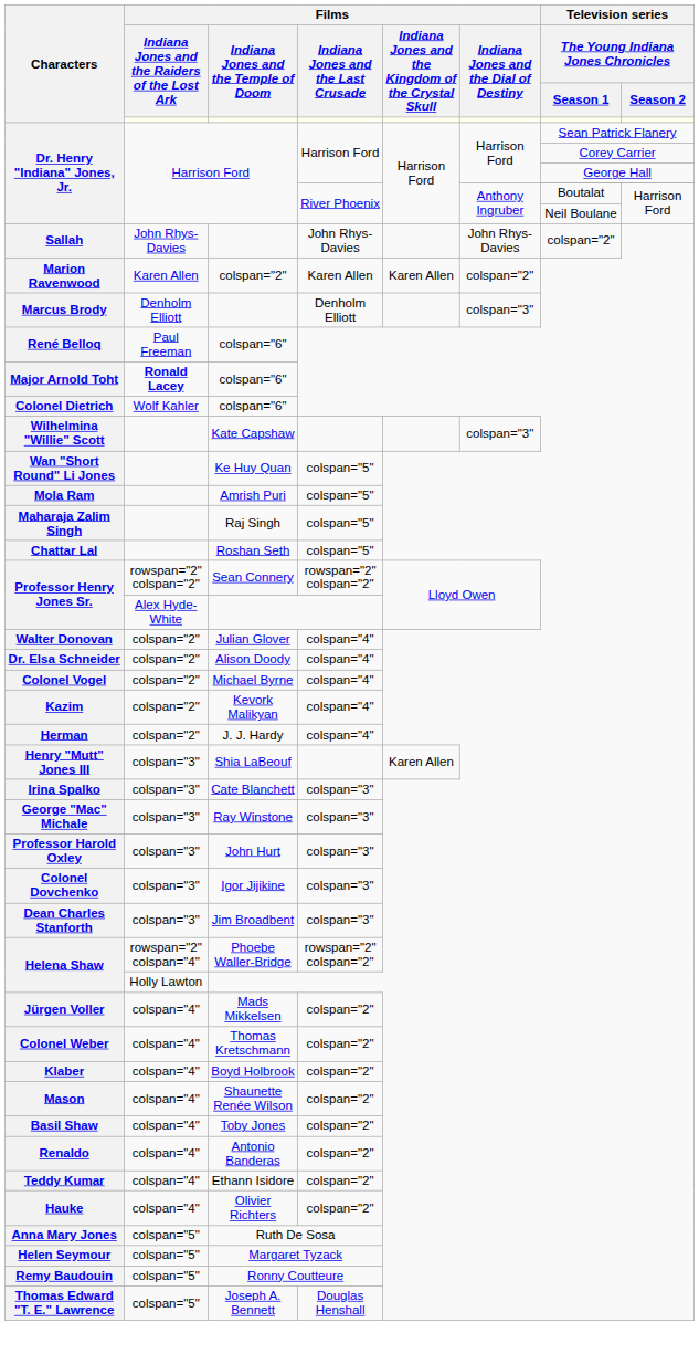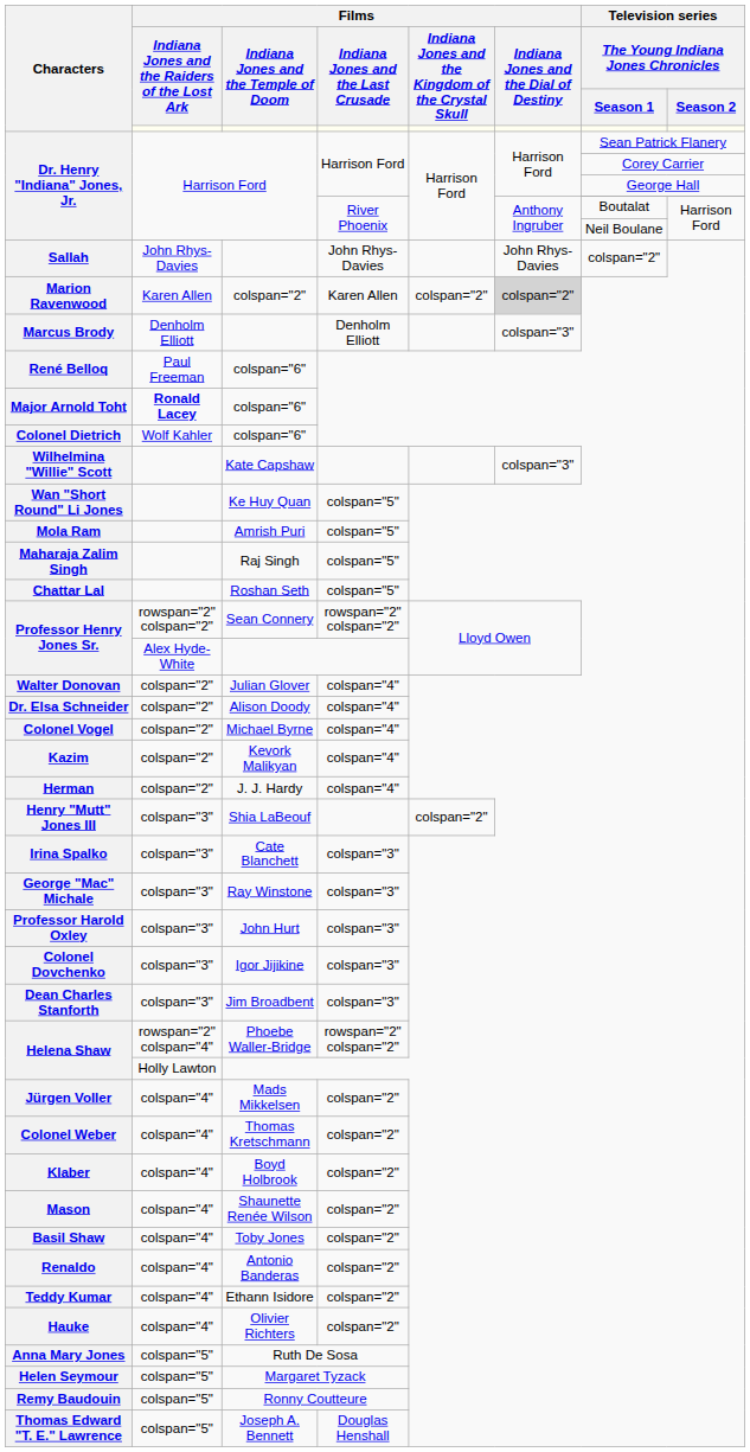 <table class="wikitable" style="text-align:center">
 <tr>
 <th rowspan="4" style="width:15.5%;">Characters</th>
 <th colspan="5">Films</th>
 <th colspan="2">Television series</th>
 </tr>
 <tr>
 <th rowspan="2" style="width:9%;"><em><a href='#'>Indiana Jones and the Raiders of the Lost Ark</a></em></th>
 <th rowspan="2" style="width:11%;"><em><a href='#'>Indiana Jones and the Temple of Doom</a></em></th>
 <th rowspan="2" style="width:10%;"><em><a href='#'>Indiana Jones and the Last Crusade</a></em></th>
 <th rowspan="2" style="width:10%;"><em><a href='#'>Indiana Jones and the Kingdom of the Crystal Skull</a></em></th>
 <th rowspan="2" style="width:10%;"><em><a href='#'>Indiana Jones and the Dial of Destiny</a></em></th>
 <th colspan="2"><em><a href='#'>The Young Indiana Jones Chronicles</a></em></th>
 </tr>
 <tr>
 <th style="width:9.5%;"><a href='#'>Season 1</a></th>
 <th style="width:9.5%;"><a href='#'>Season 2</a></th>
 </tr>
 <tr>
 <th style="background:ivory;"></th>
 <th style="background:ivory;"></th>
 <th style="background:ivory;"></th>
 <th style="background:ivory;"></th>
 <th style="background:ivory;"></th>
 <th style="background:ivory;"></th>
 <th style="background:ivory;"></th>
 </tr>
 <tr>
 <th rowspan="6"><a href='#'>Dr. Henry "Indiana" Jones, Jr.</a></th>
 <td colspan="2" rowspan="6"><a href='#'>Harrison Ford</a></td>
 <td rowspan="3">Harrison Ford</td>
 <td rowspan="6">Harrison Ford</td>
 <td rowspan="3">Harrison Ford</td>
 <td colspan="2"><a href='#'>Sean Patrick Flanery</a> </td>
 </tr>
 <tr>
 <td colspan="2"><a href='#'>Corey Carrier</a> </td>
 </tr>
 <tr>
 <td colspan="2"><a href='#'>George Hall</a> </td>
 </tr>
 <tr>
 <td rowspan="3"><a href='#'>River Phoenix</a><br></td>
 <td rowspan="3"><a href='#'>Anthony Ingruber</a><br></td>
 </tr>
 <tr>
 <td>Boutalat </td>
 <td rowspan="2">Harrison Ford </td>
 </tr>
 <tr>
 <td>Neil Boulane </td>
 </tr>
 <tr>
 <th><a href='#'>Sallah</a></th>
 <td><a href='#'>John Rhys-Davies</a></td>
 <td></td>
 <td>John Rhys-Davies</td>
 <td></td>
 <td>John Rhys-Davies</td>
 <td>colspan="2" </td>
 </tr>
 <tr>
 <th><a href='#'>Marion Ravenwood</a></th>
 <td><a href='#'>Karen Allen</a></td>
 <td>colspan="2" </td>
 <td>Karen Allen</td>
-<td>Karen Allen</td>
 <td>colspan="2" </td>
+<td style="background: lightgrey;">colspan="2" </td>
 </tr>
 <tr>
 <th><a href='#'>Marcus Brody</a></th>
 <td><a href='#'>Denholm Elliott</a></td>
 <td></td>
 <td>Denholm Elliott</td>
 <td></td>
 <td>colspan="3" </td>
 </tr>
 <tr>
 <th><a href='#'>René Belloq</a></th>
 <td><a href='#'>Paul Freeman</a></td>
 <td>colspan="6" </td>
 </tr>
 <tr>
 <th><a href='#'>Major Arnold Toht</a></th>
 <td><strong><a href='#'>Ronald Lacey</a></strong></td>
 <td>colspan="6" </td>
 </tr>
 <tr>
 <th><a href='#'>Colonel Dietrich</a></th>
 <td><a href='#'>Wolf Kahler</a></td>
 <td>colspan="6" </td>
 </tr>
 <tr>
 <th><a href='#'>Wilhelmina "Willie" Scott</a></th>
 <td></td>
 <td><a href='#'>Kate Capshaw</a></td>
 <td></td>
 <td></td>
 <td>colspan="3" </td>
 </tr>
 <tr>
 <th><a href='#'>Wan "Short Round" Li Jones</a></th>
 <td></td>
 <td><a href='#'>Ke Huy Quan</a></td>
 <td>colspan="5" </td>
 </tr>
 <tr>
 <th><a href='#'>Mola Ram</a></th>
 <td></td>
 <td><a href='#'>Amrish Puri</a></td>
 <td>colspan="5" </td>
 </tr>
 <tr>
 <th><a href='#'>Maharaja Zalim Singh</a></th>
 <td></td>
 <td>Raj Singh</td>
 <td>colspan="5" </td>
 </tr>
 <tr>
 <th><a href='#'>Chattar Lal</a></th>
 <td></td>
 <td><a href='#'>Roshan Seth</a></td>
 <td>colspan="5" </td>
 </tr>
 <tr>
 <th rowspan="2"><a href='#'>Professor Henry Jones Sr.</a></th>
 <td>rowspan="2" colspan="2" </td>
 <td><a href='#'>Sean Connery</a></td>
 <td>rowspan="2" colspan="2" </td>
 <td colspan="2" rowspan="2"><a href='#'>Lloyd Owen</a></td>
 </tr>
 <tr>
 <td><a href='#'>Alex Hyde-White</a><br></td>
 </tr>
 <tr>
 <th><a href='#'>Walter Donovan</a></th>
 <td>colspan="2" </td>
 <td><a href='#'>Julian Glover</a></td>
 <td>colspan="4" </td>
 </tr>
 <tr>
 <th><a href='#'>Dr. Elsa Schneider</a></th>
 <td>colspan="2" </td>
 <td><a href='#'>Alison Doody</a></td>
 <td>colspan="4" </td>
 </tr>
 <tr>
 <th><a href='#'>Colonel Vogel</a></th>
 <td>colspan="2" </td>
 <td><a href='#'>Michael Byrne</a></td>
 <td>colspan="4" </td>
 </tr>
 <tr>
 <th><a href='#'>Kazim</a></th>
 <td>colspan="2" </td>
 <td><a href='#'>Kevork Malikyan</a></td>
 <td>colspan="4" </td>
 </tr>
 <tr>
 <th><a href='#'>Herman</a></th>
 <td>colspan="2" </td>
 <td>J. J. Hardy</td>
 <td>colspan="4" </td>
 </tr>
 <tr>
 <th><a href='#'>Henry "Mutt" Jones III</a></th>
 <td>colspan="3" </td>
 <td><a href='#'>Shia LaBeouf</a></td>
 <td></td>
-<td>Karen Allen</td>
+<td>colspan="2" </td>
 </tr>
 <tr>
 <th><a href='#'>Irina Spalko</a></th>
 <td>colspan="3" </td>
 <td><a href='#'>Cate Blanchett</a></td>
 <td>colspan="3" </td>
 </tr>
 <tr>
 <th><a href='#'>George "Mac" Michale</a></th>
 <td>colspan="3" </td>
 <td><a href='#'>Ray Winstone</a></td>
 <td>colspan="3" </td>
 </tr>
 <tr>
 <th><a href='#'>Professor Harold Oxley</a></th>
 <td>colspan="3" </td>
 <td><a href='#'>John Hurt</a></td>
 <td>colspan="3" </td>
 </tr>
 <tr>
 <th><a href='#'>Colonel Dovchenko</a></th>
 <td>colspan="3" </td>
 <td><a href='#'>Igor Jijikine</a></td>
 <td>colspan="3" </td>
 </tr>
 <tr>
 <th><a href='#'>Dean Charles Stanforth</a></th>
 <td>colspan="3" </td>
 <td><a href='#'>Jim Broadbent</a></td>
 <td>colspan="3" </td>
 </tr>
 <tr>
 <th rowspan="2"><a href='#'>Helena Shaw</a></th>
 <td>rowspan="2" colspan="4" </td>
 <td><a href='#'>Phoebe Waller-Bridge</a></td>
 <td>rowspan="2" colspan="2" </td>
 </tr>
 <tr>
 <td>Holly Lawton </td>
 </tr>
 <tr>
 <th><a href='#'>Jürgen Voller</a></th>
 <td>colspan="4"  </td>
 <td><a href='#'>Mads Mikkelsen</a></td>
 <td>colspan="2"  </td>
 </tr>
 <tr>
 <th><a href='#'>Colonel Weber</a></th>
 <td>colspan="4"  </td>
 <td><a href='#'>Thomas Kretschmann</a></td>
 <td>colspan="2"  </td>
 </tr>
 <tr>
 <th><a href='#'>Klaber</a></th>
 <td>colspan="4" </td>
 <td><a href='#'>Boyd Holbrook</a></td>
 <td>colspan="2" </td>
 </tr>
 <tr>
 <th><a href='#'>Mason</a></th>
 <td>colspan="4" </td>
 <td><a href='#'>Shaunette Renée Wilson</a></td>
 <td>colspan="2" </td>
 </tr>
 <tr>
 <th><a href='#'>Basil Shaw</a></th>
 <td>colspan="4" </td>
 <td><a href='#'>Toby Jones</a></td>
 <td>colspan="2" </td>
 </tr>
 <tr>
 <th><a href='#'>Renaldo</a></th>
 <td>colspan="4" </td>
 <td><a href='#'>Antonio Banderas</a></td>
 <td>colspan="2" </td>
 </tr>
 <tr>
 <th><a href='#'>Teddy Kumar</a></th>
 <td>colspan="4" </td>
 <td>Ethann Isidore</td>
 <td>colspan="2" </td>
 </tr>
 <tr>
 <th><a href='#'>Hauke</a></th>
 <td>colspan="4" </td>
 <td><a href='#'>Olivier Richters</a></td>
 <td>colspan="2" </td>
 </tr>
 <tr>
 <th><a href='#'>Anna Mary Jones</a></th>
 <td>colspan="5" </td>
 <td colspan="2">Ruth De Sosa</td>
 </tr>
 <tr>
 <th><a href='#'>Helen Seymour</a></th>
 <td>colspan="5" </td>
 <td colspan="2"><a href='#'>Margaret Tyzack</a></td>
 </tr>
 <tr>
 <th><a href='#'>Remy Baudouin</a></th>
 <td>colspan="5" </td>
 <td colspan="2"><a href='#'>Ronny Coutteure</a></td>
 </tr>
 <tr>
 <th><a href='#'>Thomas Edward "T. E." Lawrence</a></th>
 <td>colspan="5" </td>
 <td><a href='#'>Joseph A. Bennett</a></td>
 <td><a href='#'>Douglas Henshall</a></td>
 </tr>
 </table>
